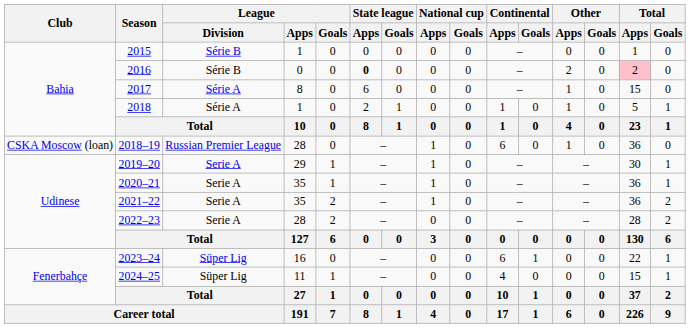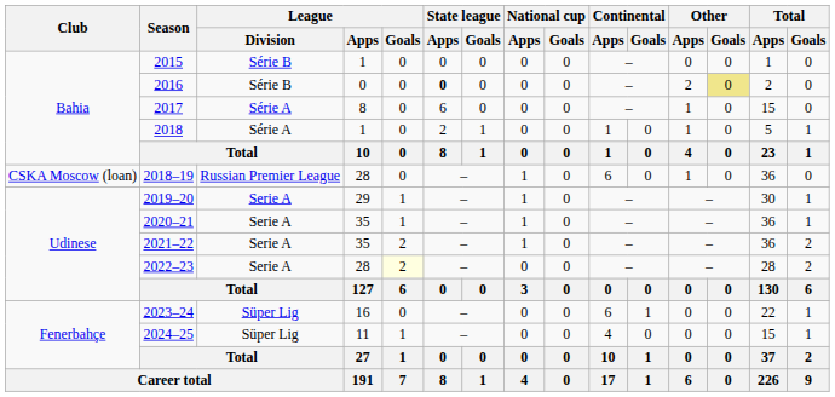 <table class="wikitable" style="text-align: center;">
 <tr>
 <th rowspan="2">Club</th>
 <th rowspan="2">Season</th>
 <th colspan="3">League</th>
 <th colspan="2">State league</th>
 <th colspan="2">National cup</th>
 <th colspan="2">Continental</th>
 <th colspan="2">Other</th>
 <th colspan="2">Total</th>
 </tr>
 <tr>
 <th>Division</th>
 <th>Apps</th>
 <th>Goals</th>
 <th>Apps</th>
 <th>Goals</th>
 <th>Apps</th>
 <th>Goals</th>
 <th>Apps</th>
 <th>Goals</th>
 <th>Apps</th>
 <th>Goals</th>
 <th>Apps</th>
 <th>Goals</th>
 </tr>
 <tr>
 <td rowspan="5" valign="center"><a href='#'>Bahia</a></td>
 <td><a href='#'>2015</a></td>
 <td><a href='#'>Série B</a></td>
 <td>1</td>
 <td>0</td>
 <td>0</td>
 <td>0</td>
 <td>0</td>
 <td>0</td>
 <td colspan="2">–</td>
 <td>0</td>
 <td>0</td>
 <td>1</td>
 <td>0</td>
 </tr>
 <tr>
 <td><a href='#'>2016</a></td>
 <td>Série B</td>
 <td>0</td>
 <td>0</td>
 <td><strong>0</strong></td>
 <td>0</td>
 <td>0</td>
 <td>0</td>
 <td colspan="2">–</td>
 <td>2</td>
-<td>0</td>
-<td style="background: pink;">2</td>
+<td style="background: khaki;">0</td>
+<td>2</td>
 <td>0</td>
 </tr>
 <tr>
 <td><a href='#'>2017</a></td>
 <td><a href='#'>Série A</a></td>
 <td>8</td>
 <td>0</td>
 <td>6</td>
 <td>0</td>
 <td>0</td>
 <td>0</td>
 <td colspan="2">–</td>
 <td>1</td>
 <td>0</td>
 <td>15</td>
 <td>0</td>
 </tr>
 <tr>
 <td><a href='#'>2018</a></td>
 <td>Série A</td>
 <td>1</td>
 <td>0</td>
 <td>2</td>
 <td>1</td>
 <td>0</td>
 <td>0</td>
 <td>1</td>
 <td>0</td>
 <td>1</td>
 <td>0</td>
 <td>5</td>
 <td>1</td>
 </tr>
 <tr>
 <th colspan="2">Total</th>
 <th>10</th>
 <th>0</th>
 <th>8</th>
 <th>1</th>
 <th>0</th>
 <th>0</th>
 <th>1</th>
 <th>0</th>
 <th>4</th>
 <th>0</th>
 <th>23</th>
 <th>1</th>
 </tr>
 <tr>
 <td><a href='#'>CSKA Moscow</a> (loan)</td>
 <td><a href='#'>2018–19</a></td>
 <td><a href='#'>Russian Premier League</a></td>
 <td>28</td>
 <td>0</td>
 <td colspan="2">–</td>
 <td>1</td>
 <td>0</td>
 <td>6</td>
 <td>0</td>
 <td>1</td>
 <td>0</td>
 <td>36</td>
 <td>0</td>
 </tr>
 <tr>
 <td rowspan="5"><a href='#'>Udinese</a></td>
 <td><a href='#'>2019–20</a></td>
 <td><a href='#'>Serie A</a></td>
 <td>29</td>
 <td>1</td>
 <td colspan="2">–</td>
 <td>1</td>
 <td>0</td>
 <td colspan="2">–</td>
 <td colspan="2">–</td>
 <td>30</td>
 <td>1</td>
 </tr>
 <tr>
 <td><a href='#'>2020–21</a></td>
 <td>Serie A</td>
 <td>35</td>
 <td>1</td>
 <td colspan="2">–</td>
 <td>1</td>
 <td>0</td>
 <td colspan="2">–</td>
 <td colspan="2">–</td>
 <td>36</td>
 <td>1</td>
 </tr>
 <tr>
 <td><a href='#'>2021–22</a></td>
 <td>Serie A</td>
 <td>35</td>
 <td>2</td>
 <td colspan="2">–</td>
 <td>1</td>
 <td>0</td>
 <td colspan="2">–</td>
 <td colspan="2">–</td>
 <td>36</td>
 <td>2</td>
 </tr>
 <tr>
 <td><a href='#'>2022–23</a></td>
 <td>Serie A</td>
 <td>28</td>
-<td>2</td>
+<td style="background: lightyellow;">2</td>
 <td colspan="2">–</td>
 <td>0</td>
 <td>0</td>
 <td colspan="2">–</td>
 <td colspan="2">–</td>
 <td>28</td>
 <td>2</td>
 </tr>
 <tr>
 <th colspan="2">Total</th>
 <th>127</th>
 <th>6</th>
 <th>0</th>
 <th>0</th>
 <th>3</th>
 <th>0</th>
 <th>0</th>
 <th>0</th>
 <th>0</th>
 <th>0</th>
 <th>130</th>
 <th>6</th>
 </tr>
 <tr>
 <td rowspan="3"><a href='#'>Fenerbahçe</a></td>
 <td><a href='#'>2023–24</a></td>
 <td><a href='#'>Süper Lig</a></td>
 <td>16</td>
 <td>0</td>
 <td colspan="2">–</td>
 <td>0</td>
 <td>0</td>
 <td>6</td>
 <td>1</td>
 <td>0</td>
 <td>0</td>
 <td>22</td>
 <td>1</td>
 </tr>
 <tr>
 <td><a href='#'>2024–25</a></td>
 <td>Süper Lig</td>
 <td>11</td>
 <td>1</td>
 <td colspan="2">–</td>
 <td>0</td>
 <td>0</td>
 <td>4</td>
 <td>0</td>
 <td>0</td>
 <td>0</td>
 <td>15</td>
 <td>1</td>
 </tr>
 <tr>
 <th colspan="2">Total</th>
 <th>27</th>
 <th>1</th>
 <th>0</th>
 <th>0</th>
 <th>0</th>
 <th>0</th>
 <th>10</th>
 <th>1</th>
 <th>0</th>
 <th>0</th>
 <th>37</th>
 <th>2</th>
 </tr>
 <tr>
 <th colspan="3">Career total</th>
 <th>191</th>
 <th>7</th>
 <th>8</th>
 <th>1</th>
 <th>4</th>
 <th>0</th>
 <th>17</th>
 <th>1</th>
 <th>6</th>
 <th>0</th>
 <th>226</th>
 <th>9</th>
 </tr>
 </table>
